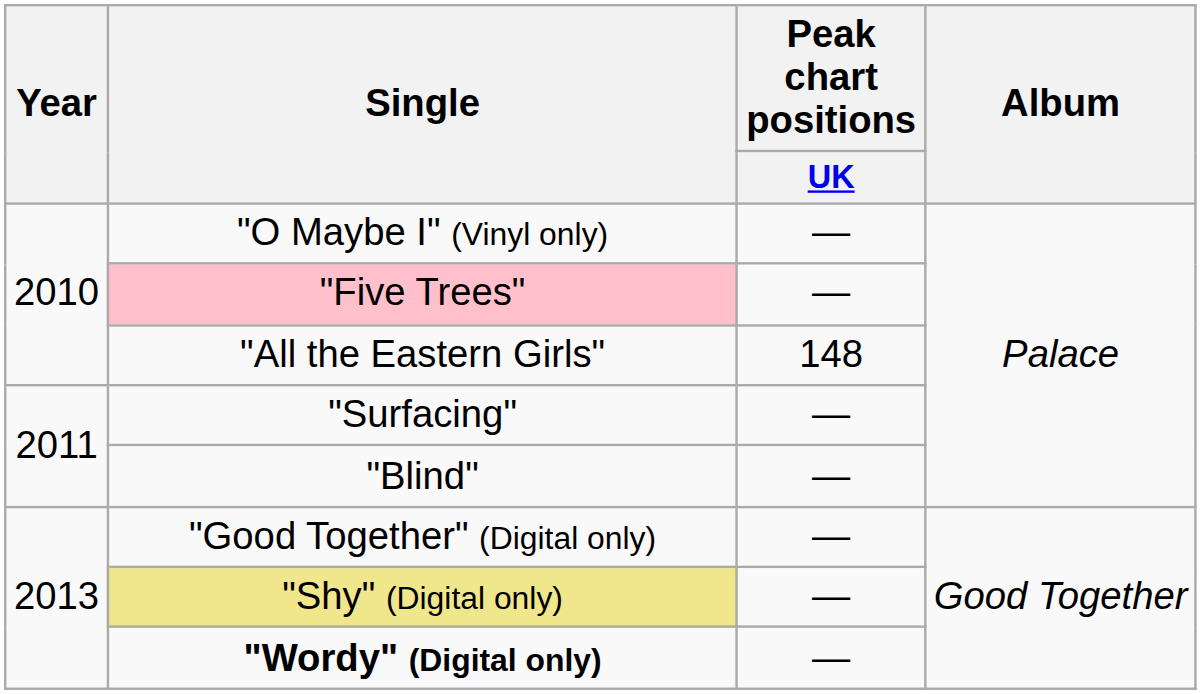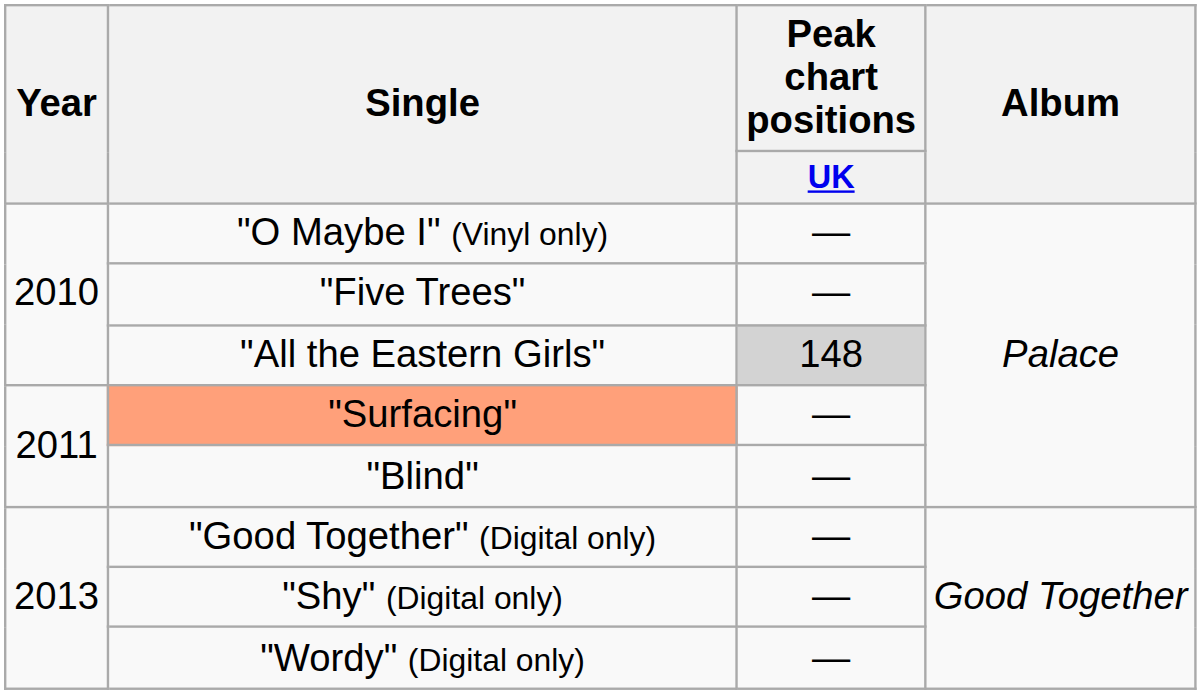 <table class="wikitable" style="text-align:center;">
 <tr>
 <th scope="col" rowspan="2">Year</th>
 <th scope="col" rowspan="2" style="width:16em;">Single</th>
 <th scope="col">Peak chart positions</th>
 <th scope="col" rowspan="2">Album</th>
 </tr>
 <tr>
 <th scope="col" style="width:3em;font-size:85%;"><a href='#'>UK</a><br></th>
 </tr>
 <tr>
 <td rowspan="3">2010</td>
 <td scope="row">"O Maybe I" <small>(Vinyl only)</small></td>
 <td>—</td>
 <td rowspan="5" style="text-align:center;"><em>Palace</em></td>
 </tr>
 <tr>
-<td scope="row" style="background: pink;">"Five Trees"</td>
+<td scope="row">"Five Trees"</td>
 <td>—</td>
 </tr>
 <tr>
 <td scope="row">"All the Eastern Girls"</td>
-<td>148</td>
+<td style="background: lightgrey;">148</td>
 </tr>
 <tr>
 <td rowspan="2">2011</td>
-<td scope="row">"Surfacing"</td>
+<td scope="row" style="background: lightsalmon;">"Surfacing"</td>
 <td>—</td>
 </tr>
 <tr>
 <td scope="row">"Blind"</td>
 <td>—</td>
 </tr>
 <tr>
 <td rowspan="3">2013</td>
 <td scope="row">"Good Together" <small>(Digital only)</small></td>
 <td>—</td>
 <td rowspan="5" style="text-align:center;"><em>Good Together</em></td>
 </tr>
 <tr>
-<td scope="row" style="background: khaki;">"Shy" <small>(Digital only)</small></td>
+<td scope="row">"Shy" <small>(Digital only)</small></td>
 <td>—</td>
 </tr>
 <tr>
-<td scope="row"><strong>"Wordy" <small>(Digital only)</small></strong></td>
+<td scope="row">"Wordy" <small>(Digital only)</small></td>
 <td>—</td>
 </tr>
 </table>
